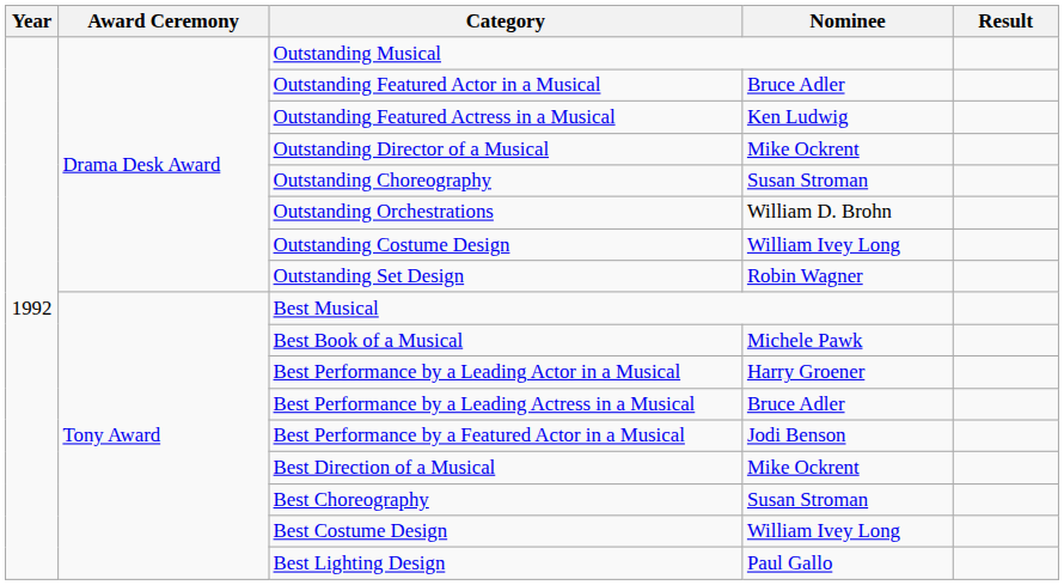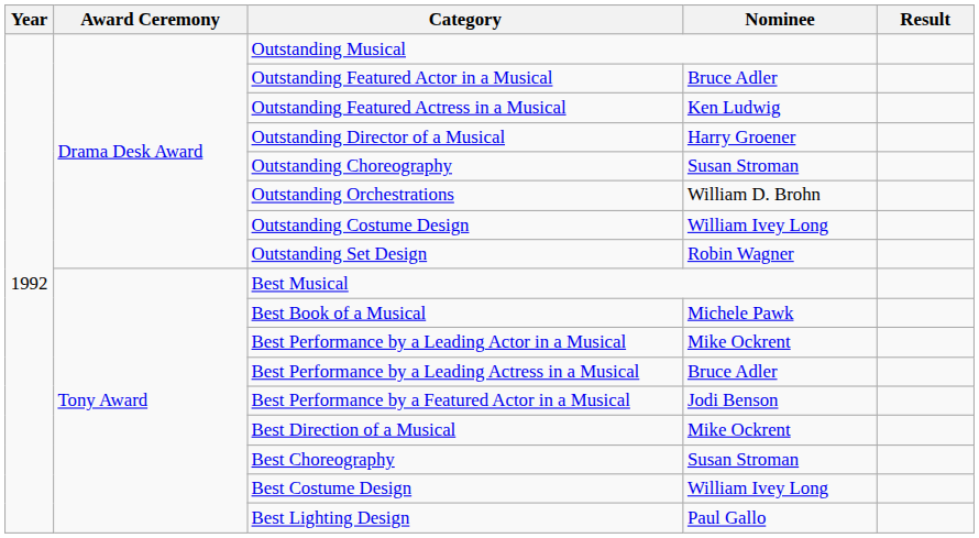 <table class="wikitable" width="95%">
 <tr>
 <th width="5%">Year</th>
 <th width="20%">Award Ceremony</th>
 <th width="45%">Category</th>
 <th width="20%">Nominee</th>
 <th width="10%">Result</th>
 </tr>
 <tr>
 <td rowspan="17" align="center">1992</td>
 <td rowspan="8"><a href='#'>Drama Desk Award</a></td>
 <td colspan="2"><a href='#'>Outstanding Musical</a></td>
 <td></td>
 </tr>
 <tr>
 <td><a href='#'>Outstanding Featured Actor in a Musical</a></td>
 <td><a href='#'>Bruce Adler</a></td>
 <td></td>
 </tr>
 <tr>
 <td><a href='#'>Outstanding Featured Actress in a Musical</a></td>
 <td><a href='#'>Ken Ludwig</a></td>
 <td></td>
 </tr>
 <tr>
 <td><a href='#'>Outstanding Director of a Musical</a></td>
-<td><a href='#'>Mike Ockrent</a></td>
+<td><a href='#'>Harry Groener</a></td>
 <td></td>
 </tr>
 <tr>
 <td><a href='#'>Outstanding Choreography</a></td>
 <td><a href='#'>Susan Stroman</a></td>
 <td></td>
 </tr>
 <tr>
 <td><a href='#'>Outstanding Orchestrations</a></td>
 <td>William D. Brohn</td>
 <td></td>
 </tr>
 <tr>
 <td><a href='#'>Outstanding Costume Design</a></td>
 <td><a href='#'>William Ivey Long</a></td>
 <td></td>
 </tr>
 <tr>
 <td><a href='#'>Outstanding Set Design</a></td>
 <td><a href='#'>Robin Wagner</a></td>
 <td></td>
 </tr>
 <tr>
 <td rowspan="9"><a href='#'>Tony Award</a></td>
 <td colspan="2"><a href='#'>Best Musical</a></td>
 <td></td>
 </tr>
 <tr>
 <td><a href='#'>Best Book of a Musical</a></td>
 <td><a href='#'>Michele Pawk</a></td>
 <td></td>
 </tr>
 <tr>
 <td><a href='#'>Best Performance by a Leading Actor in a Musical</a></td>
-<td><a href='#'>Harry Groener</a></td>
+<td><a href='#'>Mike Ockrent</a></td>
 <td></td>
 </tr>
 <tr>
 <td><a href='#'>Best Performance by a Leading Actress in a Musical</a></td>
 <td><a href='#'>Bruce Adler</a></td>
 <td></td>
 </tr>
 <tr>
 <td><a href='#'>Best Performance by a Featured Actor in a Musical</a></td>
 <td><a href='#'>Jodi Benson</a></td>
 <td></td>
 </tr>
 <tr>
 <td><a href='#'>Best Direction of a Musical</a></td>
 <td><a href='#'>Mike Ockrent</a></td>
 <td></td>
 </tr>
 <tr>
 <td><a href='#'>Best Choreography</a></td>
 <td><a href='#'>Susan Stroman</a></td>
 <td></td>
 </tr>
 <tr>
 <td><a href='#'>Best Costume Design</a></td>
 <td><a href='#'>William Ivey Long</a></td>
 <td></td>
 </tr>
 <tr>
 <td><a href='#'>Best Lighting Design</a></td>
 <td><a href='#'>Paul Gallo</a></td>
 <td></td>
 </tr>
 </table>
